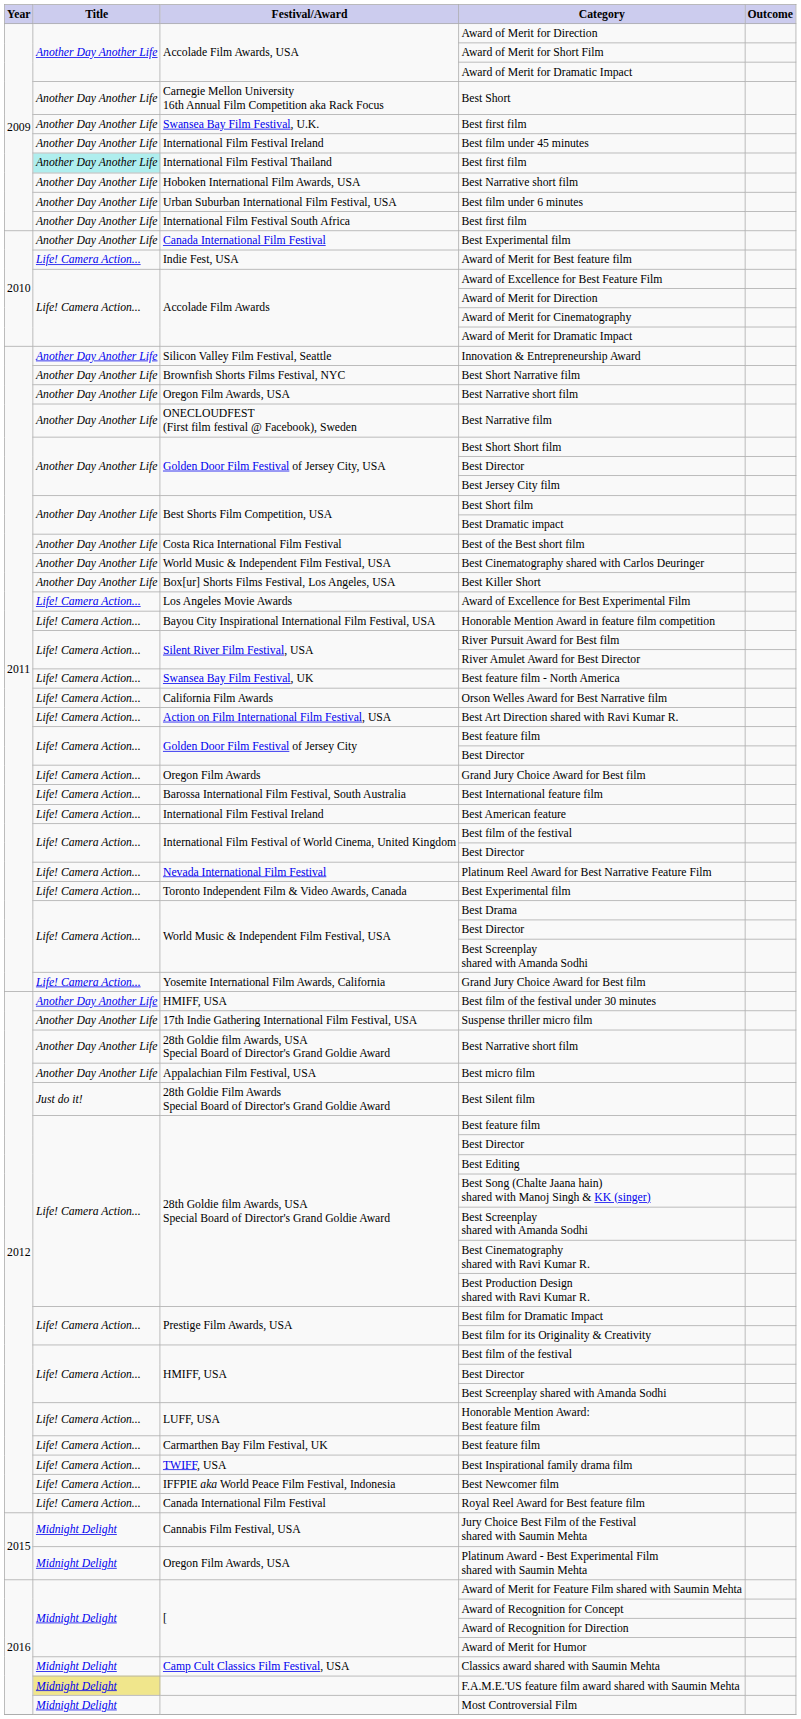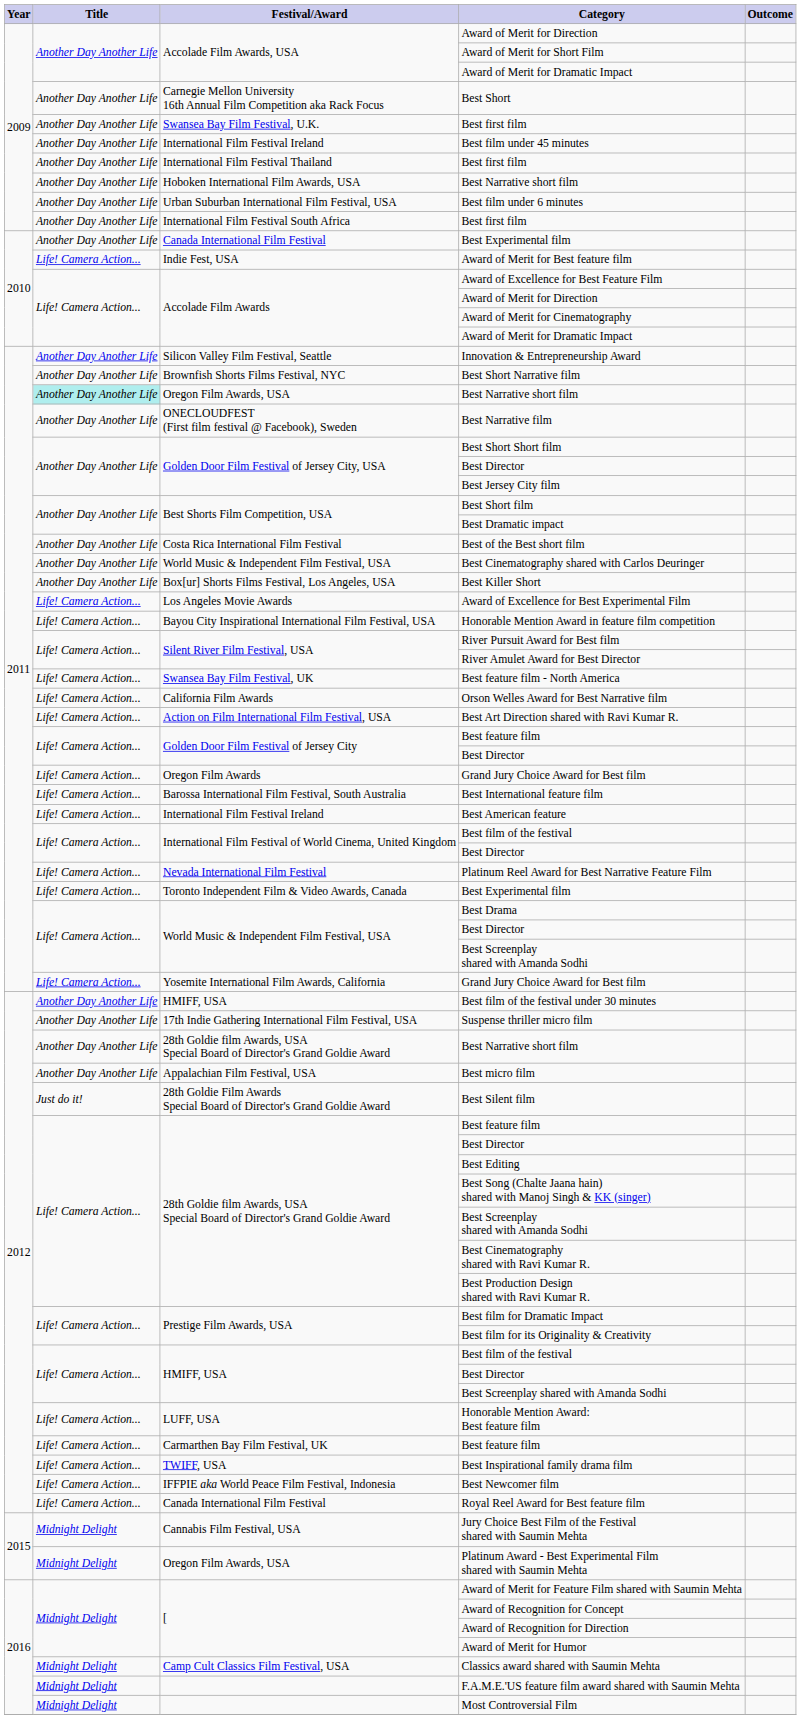 <table class="wikitable" style="font-size: 95%;">
 <tr style="text-align:center;">
 <th style="background:#cce;">Year</th>
 <th style="background:#cce;">Title</th>
 <th style="background:#cce;">Festival/Award</th>
 <th style="background:#cce;">Category</th>
 <th style="background:#cce;">Outcome</th>
 </tr>
 <tr>
 <td rowspan="10">2009</td>
 <td rowspan="3"><em><a href='#'>Another Day Another Life</a></em></td>
 <td rowspan="3">Accolade Film Awards, USA</td>
 <td>Award of Merit for Direction</td>
 <td></td>
 </tr>
 <tr>
 <td>Award of Merit for Short Film</td>
 <td></td>
 </tr>
 <tr>
 <td>Award of Merit for Dramatic Impact</td>
 <td></td>
 </tr>
 <tr>
 <td><em>Another Day Another Life</em></td>
 <td rowspan="1">Carnegie Mellon University<br>16th Annual Film Competition aka Rack Focus</td>
 <td>Best Short</td>
 <td></td>
 </tr>
 <tr>
 <td rowspan="1"><em>Another Day Another Life</em></td>
 <td><a href='#'>Swansea Bay Film Festival</a>, U.K.</td>
 <td>Best first film</td>
 <td></td>
 </tr>
 <tr>
 <td><em>Another Day Another Life</em></td>
 <td>International Film Festival Ireland</td>
 <td>Best film under 45 minutes</td>
 <td></td>
 </tr>
 <tr>
-<td style="background: paleturquoise;"><em>Another Day Another Life</em></td>
+<td><em>Another Day Another Life</em></td>
 <td>International Film Festival Thailand</td>
 <td>Best first film</td>
 <td></td>
 </tr>
 <tr>
 <td><em>Another Day Another Life</em></td>
 <td>Hoboken International Film Awards, USA</td>
 <td>Best Narrative short film</td>
 <td></td>
 </tr>
 <tr>
 <td><em>Another Day Another Life</em></td>
 <td>Urban Suburban International Film Festival, USA</td>
 <td>Best film under 6 minutes</td>
 <td></td>
 </tr>
 <tr>
 <td><em>Another Day Another Life</em></td>
 <td>International Film Festival South Africa</td>
 <td>Best first film</td>
 <td></td>
 </tr>
 <tr>
 <td rowspan="6">2010</td>
 <td><em>Another Day Another Life</em></td>
 <td><a href='#'>Canada International Film Festival</a></td>
 <td>Best Experimental film</td>
 <td></td>
 </tr>
 <tr>
 <td><em><a href='#'>Life! Camera Action...</a></em></td>
 <td>Indie Fest, USA</td>
 <td>Award of Merit for Best feature film</td>
 <td></td>
 </tr>
 <tr>
 <td rowspan="4"><em>Life! Camera Action...</em></td>
 <td rowspan="4">Accolade Film Awards</td>
 <td>Award of Excellence for Best Feature Film</td>
 <td></td>
 </tr>
 <tr>
 <td>Award of Merit for Direction</td>
 <td></td>
 </tr>
 <tr>
 <td>Award of Merit for Cinematography</td>
 <td></td>
 </tr>
 <tr>
 <td>Award of Merit for Dramatic Impact</td>
 <td></td>
 </tr>
 <tr>
 <td rowspan="32">2011</td>
 <td><em><a href='#'>Another Day Another Life</a></em></td>
 <td>Silicon Valley Film Festival, Seattle</td>
 <td>Innovation & Entrepreneurship Award</td>
 <td></td>
 </tr>
 <tr>
 <td><em>Another Day Another Life</em></td>
 <td>Brownfish Shorts Films Festival, NYC</td>
 <td>Best Short Narrative film</td>
 <td></td>
 </tr>
 <tr>
-<td><em>Another Day Another Life</em></td>
+<td style="background: paleturquoise;"><em>Another Day Another Life</em></td>
 <td>Oregon Film Awards, USA</td>
 <td>Best Narrative short film</td>
 <td></td>
 </tr>
 <tr>
 <td><em>Another Day Another Life</em></td>
 <td>ONECLOUDFEST<br>(First film festival @ Facebook), Sweden</td>
 <td>Best Narrative film</td>
 <td></td>
 </tr>
 <tr>
 <td rowspan="3"><em>Another Day Another Life</em></td>
 <td rowspan="3"><a href='#'>Golden Door Film Festival</a> of Jersey City, USA</td>
 <td>Best Short Short film</td>
 <td></td>
 </tr>
 <tr>
 <td>Best Director</td>
 <td></td>
 </tr>
 <tr>
 <td>Best Jersey City film</td>
 <td></td>
 </tr>
 <tr>
 <td rowspan="2"><em>Another Day Another Life</em></td>
 <td rowspan="2">Best Shorts Film Competition, USA</td>
 <td>Best Short film</td>
 <td></td>
 </tr>
 <tr>
 <td>Best Dramatic impact</td>
 <td></td>
 </tr>
 <tr>
 <td><em>Another Day Another Life</em></td>
 <td>Costa Rica International Film Festival</td>
 <td>Best of the Best short film</td>
 <td></td>
 </tr>
 <tr>
 <td><em>Another Day Another Life</em></td>
 <td>World Music & Independent Film Festival, USA</td>
 <td>Best Cinematography shared with Carlos Deuringer</td>
 <td></td>
 </tr>
 <tr>
 <td><em>Another Day Another Life</em></td>
 <td>Box[ur] Shorts Films Festival, Los Angeles, USA</td>
 <td>Best Killer Short</td>
 <td></td>
 </tr>
 <tr>
 <td><em><a href='#'>Life! Camera Action...</a></em></td>
 <td>Los Angeles Movie Awards</td>
 <td>Award of Excellence for Best Experimental Film</td>
 <td></td>
 </tr>
 <tr>
 <td><em>Life! Camera Action...</em></td>
 <td>Bayou City Inspirational International Film Festival, USA</td>
 <td>Honorable Mention Award in feature film competition</td>
 <td></td>
 </tr>
 <tr>
 <td rowspan="2"><em>Life! Camera Action...</em></td>
 <td rowspan="2"><a href='#'>Silent River Film Festival</a>, USA</td>
 <td>River Pursuit Award for Best film</td>
 <td></td>
 </tr>
 <tr>
 <td>River Amulet Award for Best Director</td>
 <td></td>
 </tr>
 <tr>
 <td><em>Life! Camera Action...</em></td>
 <td><a href='#'>Swansea Bay Film Festival</a>, UK</td>
 <td>Best feature film - North America</td>
 <td></td>
 </tr>
 <tr>
 <td><em>Life! Camera Action...</em></td>
 <td>California Film Awards</td>
 <td>Orson Welles Award for Best Narrative film</td>
 <td></td>
 </tr>
 <tr>
 <td><em>Life! Camera Action...</em></td>
 <td><a href='#'>Action on Film International Film Festival</a>, USA </td>
 <td>Best Art Direction shared with Ravi Kumar R.</td>
 <td></td>
 </tr>
 <tr>
 <td rowspan="2"><em>Life! Camera Action...</em></td>
 <td rowspan="2"><a href='#'>Golden Door Film Festival</a> of Jersey City</td>
 <td>Best feature film</td>
 <td></td>
 </tr>
 <tr>
 <td>Best Director</td>
 <td></td>
 </tr>
 <tr>
 <td><em>Life! Camera Action...</em></td>
 <td>Oregon Film Awards</td>
 <td>Grand Jury Choice Award for Best film</td>
 <td></td>
 </tr>
 <tr>
 <td><em>Life! Camera Action...</em></td>
 <td>Barossa International Film Festival, South Australia</td>
 <td>Best International feature film</td>
 <td></td>
 </tr>
 <tr>
 <td><em>Life! Camera Action...</em></td>
 <td>International Film Festival Ireland</td>
 <td>Best American feature</td>
 <td></td>
 </tr>
 <tr>
 <td rowspan="2"><em>Life! Camera Action...</em></td>
 <td rowspan="2">International Film Festival of World Cinema, United Kingdom</td>
 <td>Best film of the festival</td>
 <td></td>
 </tr>
 <tr>
 <td>Best Director</td>
 <td></td>
 </tr>
 <tr>
 <td><em>Life! Camera Action...</em></td>
 <td><a href='#'>Nevada International Film Festival</a></td>
 <td>Platinum Reel Award for Best Narrative Feature Film</td>
 <td></td>
 </tr>
 <tr>
 <td><em>Life! Camera Action...</em></td>
 <td>Toronto Independent Film & Video Awards, Canada</td>
 <td>Best Experimental film</td>
 <td></td>
 </tr>
 <tr>
 <td rowspan="3"><em>Life! Camera Action...</em></td>
 <td rowspan="3">World Music & Independent Film Festival, USA</td>
 <td>Best Drama</td>
 <td></td>
 </tr>
 <tr>
 <td>Best Director</td>
 <td></td>
 </tr>
 <tr>
 <td>Best Screenplay <br>shared with Amanda Sodhi</td>
 <td></td>
 </tr>
 <tr>
 <td><em><a href='#'>Life! Camera Action...</a></em></td>
 <td>Yosemite International Film Awards, California</td>
 <td>Grand Jury Choice Award for Best film</td>
 <td></td>
 </tr>
 <tr>
 <td rowspan="22">2012</td>
 <td><em><a href='#'>Another Day Another Life</a></em></td>
 <td>HMIFF, USA</td>
 <td>Best film of the festival under 30 minutes</td>
 <td></td>
 </tr>
 <tr>
 <td><em>Another Day Another Life</em></td>
 <td>17th Indie Gathering International Film Festival, USA</td>
 <td>Suspense thriller micro film</td>
 <td></td>
 </tr>
 <tr>
 <td><em>Another Day Another Life</em></td>
 <td>28th Goldie film Awards, USA <br>Special Board of Director's Grand Goldie Award</td>
 <td>Best Narrative short film </td>
 <td></td>
 </tr>
 <tr>
 <td><em>Another Day Another Life</em></td>
 <td>Appalachian Film Festival, USA</td>
 <td>Best micro film</td>
 <td></td>
 </tr>
 <tr>
 <td><em>Just do it!</em></td>
 <td>28th Goldie Film Awards <br> Special Board of Director's Grand Goldie Award</td>
 <td>Best Silent film</td>
 <td></td>
 </tr>
 <tr>
 <td rowspan="7"><em>Life! Camera Action...</em></td>
 <td rowspan="7">28th Goldie film Awards, USA<br>Special Board of Director's Grand Goldie Award</td>
 <td>Best feature film</td>
 <td></td>
 </tr>
 <tr>
 <td>Best Director</td>
 <td></td>
 </tr>
 <tr>
 <td>Best Editing</td>
 <td></td>
 </tr>
 <tr>
 <td>Best Song (Chalte Jaana hain)<br>shared with Manoj Singh & <a href='#'>KK (singer)</a></td>
 <td></td>
 </tr>
 <tr>
 <td>Best Screenplay <br>shared with Amanda Sodhi</td>
 <td></td>
 </tr>
 <tr>
 <td>Best Cinematography <br>shared with Ravi Kumar R.</td>
 <td></td>
 </tr>
 <tr>
 <td>Best Production Design <br>shared with Ravi Kumar R.</td>
 <td></td>
 </tr>
 <tr>
 <td rowspan="2"><em>Life! Camera Action...</em></td>
 <td rowspan="2">Prestige Film Awards, USA</td>
 <td>Best film for Dramatic Impact</td>
 <td></td>
 </tr>
 <tr>
 <td>Best film for its Originality & Creativity</td>
 <td></td>
 </tr>
 <tr>
 <td rowspan="3"><em>Life! Camera Action...</em></td>
 <td rowspan="3">HMIFF, USA</td>
 <td>Best film of the festival</td>
 <td></td>
 </tr>
 <tr>
 <td>Best Director</td>
 <td></td>
 </tr>
 <tr>
 <td>Best Screenplay shared with Amanda Sodhi</td>
 <td></td>
 </tr>
 <tr>
 <td><em>Life! Camera Action...</em></td>
 <td>LUFF, USA</td>
 <td>Honorable Mention Award:<br>Best feature film</td>
 <td></td>
 </tr>
 <tr>
 <td><em>Life! Camera Action...</em></td>
 <td>Carmarthen Bay Film Festival, UK</td>
 <td>Best feature film</td>
 <td></td>
 </tr>
 <tr>
 <td><em>Life! Camera Action...</em></td>
 <td><a href='#'>TWIFF</a>, USA</td>
 <td>Best Inspirational family drama film</td>
 <td></td>
 </tr>
 <tr>
 <td><em>Life! Camera Action...</em></td>
 <td>IFFPIE <em>aka</em> World Peace Film Festival, Indonesia</td>
 <td>Best Newcomer film</td>
 <td></td>
 </tr>
 <tr>
 <td><em>Life! Camera Action...</em></td>
 <td>Canada International Film Festival</td>
 <td>Royal Reel Award for Best feature film</td>
 <td></td>
 </tr>
 <tr>
 <td rowspan="2">2015</td>
 <td><em><a href='#'>Midnight Delight</a></em></td>
 <td>Cannabis Film Festival, USA</td>
 <td>Jury Choice Best Film of the Festival<br>shared with Saumin Mehta</td>
 <td></td>
 </tr>
 <tr>
 <td><em><a href='#'>Midnight Delight</a></em></td>
 <td>Oregon Film Awards, USA</td>
 <td>Platinum Award - Best Experimental Film <br>shared with Saumin Mehta</td>
 <td></td>
 </tr>
 <tr>
 <td rowspan="7">2016</td>
 <td rowspan="4"><em><a href='#'>Midnight Delight</a></em></td>
 <td rowspan="4">[</td>
 <td>Award of Merit for Feature Film shared with Saumin Mehta</td>
 <td></td>
 </tr>
 <tr>
 <td>Award of Recognition for Concept</td>
 <td></td>
 </tr>
 <tr>
 <td>Award of Recognition for Direction</td>
 <td></td>
 </tr>
 <tr>
 <td>Award of Merit for Humor</td>
 <td></td>
 </tr>
 <tr>
 <td><em><a href='#'>Midnight Delight</a></em></td>
 <td><a href='#'>Camp Cult Classics Film Festival</a>, USA</td>
 <td>Classics award shared with Saumin Mehta</td>
 <td></td>
 </tr>
 <tr>
-<td style="background: khaki;"><em><a href='#'>Midnight Delight</a></em></td>
+<td><em><a href='#'>Midnight Delight</a></em></td>
 <td></td>
 <td>F.A.M.E.'US feature film award shared with Saumin Mehta</td>
 <td></td>
 </tr>
 <tr>
 <td><em><a href='#'>Midnight Delight</a></em></td>
 <td></td>
 <td>Most Controversial Film</td>
 <td></td>
 </tr>
 <tr>
 </tr>
 </table>
